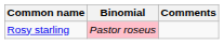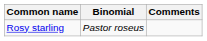 <table class="wikitable">
 <tr>
 <th>Common name</th>
 <th>Binomial</th>
 <th>Comments</th>
 </tr>
 <tr>
 <td><a href='#'>Rosy starling</a></td>
-<td style="background: pink;"><em>Pastor roseus</em></td>
+<td><em>Pastor roseus</em></td>
 </tr>
 </table>
